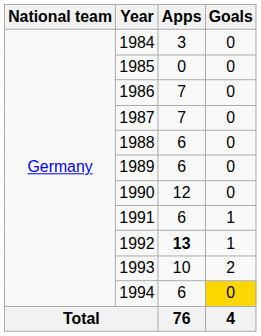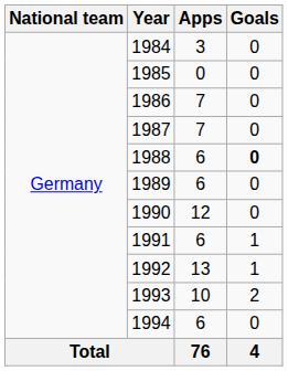 <table class="wikitable" style="text-align:center">
 <tr>
 <th>National team</th>
 <th>Year</th>
 <th>Apps</th>
 <th>Goals</th>
 </tr>
 <tr>
 <td rowspan="11"><a href='#'>Germany</a></td>
 <td>1984</td>
 <td>3</td>
 <td>0</td>
 </tr>
 <tr>
 <td>1985</td>
 <td>0</td>
 <td>0</td>
 </tr>
 <tr>
 <td>1986</td>
 <td>7</td>
 <td>0</td>
 </tr>
 <tr>
 <td>1987</td>
 <td>7</td>
 <td>0</td>
 </tr>
 <tr>
 <td>1988</td>
 <td>6</td>
-<td>0</td>
+<td><strong>0</strong></td>
 </tr>
 <tr>
 <td>1989</td>
 <td>6</td>
 <td>0</td>
 </tr>
 <tr>
 <td>1990</td>
 <td>12</td>
 <td>0</td>
 </tr>
 <tr>
 <td>1991</td>
 <td>6</td>
 <td>1</td>
 </tr>
 <tr>
 <td>1992</td>
-<td><strong>13</strong></td>
+<td>13</td>
 <td>1</td>
 </tr>
 <tr>
 <td>1993</td>
 <td>10</td>
 <td>2</td>
 </tr>
 <tr>
 <td>1994</td>
 <td>6</td>
-<td style="background: gold;">0</td>
+<td>0</td>
 </tr>
 <tr>
 <th colspan="2">Total</th>
 <th>76</th>
 <th>4</th>
 </tr>
 </table>
